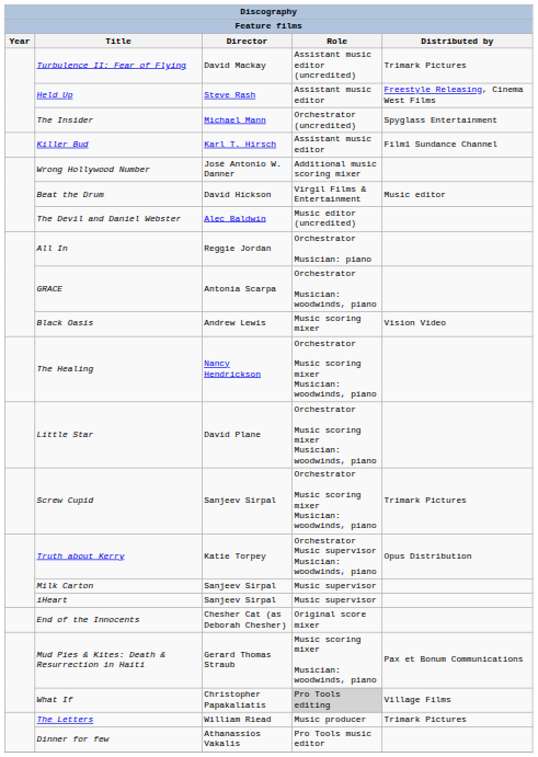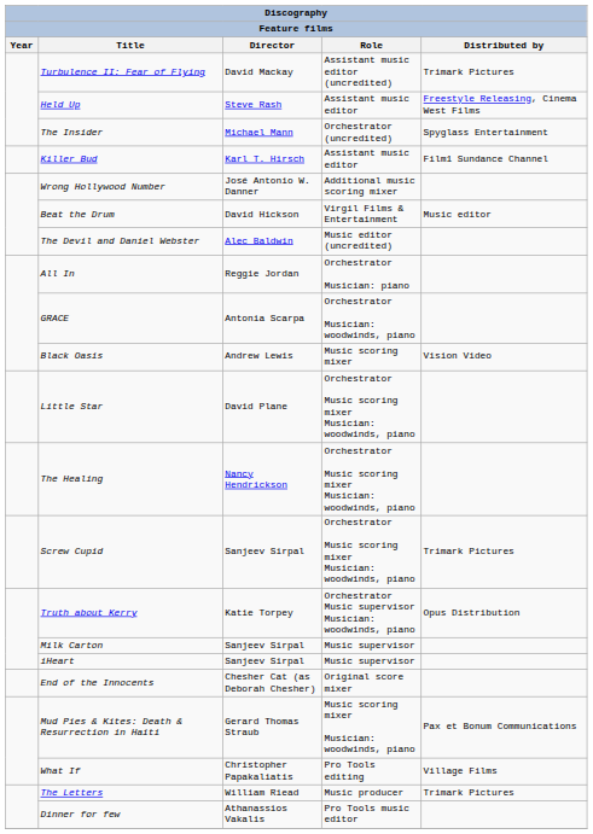 <table class="wikitable" style="font-size: 90%;">
 <tr>
 <th colspan="5" style="background: LightSteelBlue;">Discography</th>
 </tr>
 <tr>
 <th colspan="5" style="background: LightSteelBlue;">Feature films</th>
 </tr>
 <tr>
 <th style="width:3em;">Year</th>
 <th style="width:19em;">Title</th>
 <th style="width:10em;">Director</th>
 <th style="width:10em;">Role</th>
 <th style="width:17em;">Distributed by</th>
 </tr>
 <tr>
 <td rowspan="3"></td>
 <td><em><a href='#'>Turbulence II: Fear of Flying</a></em></td>
 <td>David Mackay</td>
 <td>Assistant music editor (uncredited)</td>
 <td>Trimark Pictures</td>
 </tr>
 <tr>
 <td><em><a href='#'>Held Up</a></em></td>
 <td><a href='#'>Steve Rash</a></td>
 <td>Assistant music editor</td>
 <td><a href='#'>Freestyle Releasing</a>, Cinema West Films</td>
 </tr>
 <tr>
 <td><em>The Insider</em></td>
 <td><a href='#'>Michael Mann</a></td>
 <td>Orchestrator (uncredited)</td>
 <td>Spyglass Entertainment</td>
 </tr>
 <tr>
 <td></td>
 <td><em><a href='#'>Killer Bud</a></em></td>
 <td><a href='#'>Karl T. Hirsch</a></td>
 <td>Assistant music editor</td>
 <td>Film1 Sundance Channel</td>
 </tr>
 <tr>
 <td rowspan="3"></td>
 <td><em>Wrong Hollywood Number</em></td>
 <td>José Antonio W. Danner</td>
 <td>Additional music scoring mixer</td>
 <td></td>
 </tr>
 <tr>
 <td><em>Beat the Drum</em></td>
 <td>David Hickson</td>
 <td>Virgil Films & Entertainment</td>
 <td>Music editor</td>
 </tr>
 <tr>
 <td><em>The Devil and Daniel Webster</em></td>
 <td><a href='#'>Alec Baldwin</a></td>
 <td>Music editor (uncredited)</td>
 <td></td>
 </tr>
 <tr>
 <td rowspan="3"></td>
 <td><em>All In</em></td>
 <td>Reggie Jordan</td>
 <td>Orchestrator<br><br>Musician: piano</td>
 <td></td>
 </tr>
 <tr>
 <td><em>GRACE</em></td>
 <td>Antonia Scarpa</td>
 <td>Orchestrator<br><br>Musician: woodwinds, piano</td>
 <td></td>
 </tr>
 <tr>
 <td><em>Black Oasis</em></td>
 <td>Andrew Lewis</td>
 <td>Music scoring mixer</td>
 <td>Vision Video</td>
 </tr>
 <tr>
 <td></td>
-<td><em>The Healing</em></td>
-<td><a href='#'>Nancy Hendrickson</a></td>
+<td><em>Little Star</em></td>
+<td>David Plane</td>
 <td>Orchestrator<br><br>Music scoring mixer<br>  Musician: woodwinds, piano</td>
 <td></td>
 </tr>
 <tr>
 <td></td>
-<td><em>Little Star</em></td>
-<td>David Plane</td>
+<td><em>The Healing</em></td>
+<td><a href='#'>Nancy Hendrickson</a></td>
 <td>Orchestrator<br><br>Music scoring mixer<br>  Musician: woodwinds, piano</td>
 <td></td>
 </tr>
 <tr>
 <td></td>
 <td><em>Screw Cupid</em> </td>
 <td>Sanjeev Sirpal</td>
 <td>Orchestrator<br><br>Music scoring mixer<br>  Musician: woodwinds, piano</td>
 <td>Trimark Pictures</td>
 </tr>
 <tr>
 <td rowspan="3"></td>
 <td><em><a href='#'>Truth about Kerry</a></em></td>
 <td>Katie Torpey</td>
 <td>Orchestrator<br>Music supervisor<br>  Musician: woodwinds, piano</td>
 <td>Opus Distribution</td>
 </tr>
 <tr>
 <td><em>Milk Carton</em></td>
 <td>Sanjeev Sirpal</td>
 <td>Music supervisor</td>
 <td></td>
 </tr>
 <tr>
 <td><em>iHeart</em></td>
 <td>Sanjeev Sirpal</td>
 <td>Music supervisor</td>
 <td></td>
 </tr>
 <tr>
 <td></td>
 <td><em>End of the Innocents</em></td>
 <td>Chesher Cat (as Deborah Chesher)</td>
 <td>Original score mixer</td>
 <td></td>
 </tr>
 <tr>
 <td rowspan="2"></td>
 <td><em>Mud Pies & Kites: Death & Resurrection in Haiti</em></td>
 <td>Gerard Thomas Straub</td>
 <td>Music scoring mixer<br><br>Musician: woodwinds, piano</td>
 <td>Pax et Bonum Communications</td>
 </tr>
 <tr>
 <td><em>What If</em></td>
 <td>Christopher Papakaliatis</td>
-<td style="background: lightgrey;">Pro Tools editing</td>
+<td>Pro Tools editing</td>
 <td>Village Films</td>
 </tr>
 <tr>
 <td rowspan="2"></td>
 <td><em><a href='#'>The Letters</a></em></td>
 <td>William Riead</td>
 <td>Music producer</td>
 <td>Trimark Pictures</td>
 </tr>
 <tr>
 <td><em>Dinner for few</em></td>
 <td>Athanassios Vakalis</td>
 <td>Pro Tools music editor</td>
 <td></td>
 </tr>
 <tr>
 </tr>
 </table>
